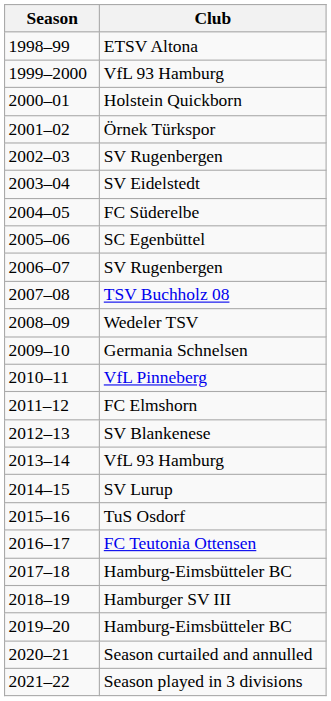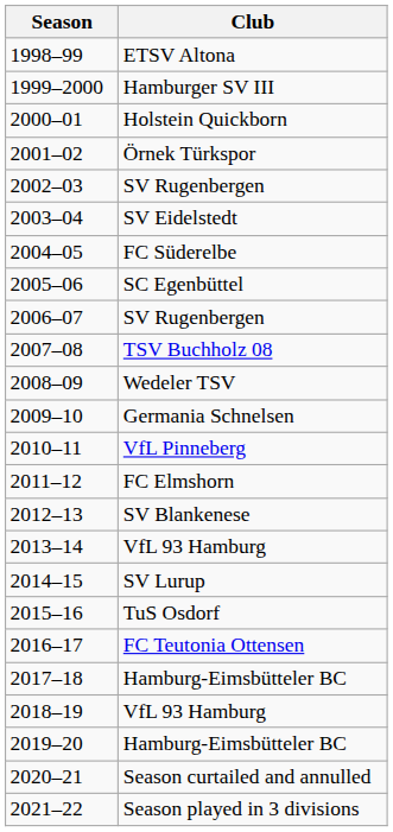 <table class="wikitable">
 <tr align="center" bgcolor="#dfdfdf">
 <th width="80">Season</th>
 <th width="200">Club</th>
 </tr>
 <tr>
 <td>1998–99</td>
 <td>ETSV Altona</td>
 </tr>
 <tr>
 <td>1999–2000</td>
-<td>VfL 93 Hamburg</td>
+<td>Hamburger SV III</td>
 </tr>
 <tr>
 <td>2000–01</td>
 <td>Holstein Quickborn</td>
 </tr>
 <tr>
 <td>2001–02</td>
 <td>Örnek Türkspor</td>
 </tr>
 <tr>
 <td>2002–03</td>
 <td>SV Rugenbergen</td>
 </tr>
 <tr>
 <td>2003–04</td>
 <td>SV Eidelstedt</td>
 </tr>
 <tr>
 <td>2004–05</td>
 <td>FC Süderelbe</td>
 </tr>
 <tr>
 <td>2005–06</td>
 <td>SC Egenbüttel</td>
 </tr>
 <tr>
 <td>2006–07</td>
 <td>SV Rugenbergen</td>
 </tr>
 <tr>
 <td>2007–08</td>
 <td><a href='#'>TSV Buchholz 08</a></td>
 </tr>
 <tr>
 <td>2008–09</td>
 <td>Wedeler TSV</td>
 </tr>
 <tr>
 <td>2009–10</td>
 <td>Germania Schnelsen</td>
 </tr>
 <tr>
 <td>2010–11</td>
 <td><a href='#'>VfL Pinneberg</a></td>
 </tr>
 <tr>
 <td>2011–12</td>
 <td>FC Elmshorn</td>
 </tr>
 <tr>
 <td>2012–13</td>
 <td>SV Blankenese</td>
 </tr>
 <tr>
 <td>2013–14</td>
 <td>VfL 93 Hamburg</td>
 </tr>
 <tr>
 <td>2014–15</td>
 <td>SV Lurup</td>
 </tr>
 <tr>
 <td>2015–16</td>
 <td>TuS Osdorf</td>
 </tr>
 <tr>
 <td>2016–17</td>
 <td><a href='#'>FC Teutonia Ottensen</a></td>
 </tr>
 <tr>
 <td>2017–18</td>
 <td>Hamburg-Eimsbütteler BC</td>
 </tr>
 <tr>
 <td>2018–19</td>
-<td>Hamburger SV III</td>
+<td>VfL 93 Hamburg</td>
 </tr>
 <tr>
 <td>2019–20</td>
 <td>Hamburg-Eimsbütteler BC</td>
 </tr>
 <tr>
 <td>2020–21</td>
 <td>Season curtailed and annulled</td>
 </tr>
 <tr>
 <td>2021–22</td>
 <td>Season played in 3 divisions</td>
 </tr>
 </table>
